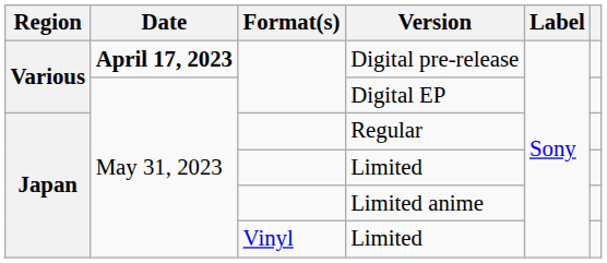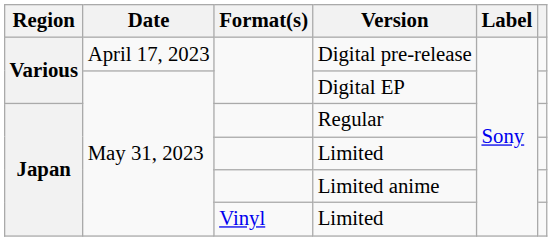 <table class="wikitable plainrowheaders">
 <tr>
 <th scope="col">Region</th>
 <th scope="col">Date</th>
 <th scope="col">Format(s)</th>
 <th scope="col">Version</th>
 <th scope="col">Label</th>
 <th scope="col"></th>
 </tr>
 <tr>
 <th rowspan="2" scope="row">Various</th>
-<td><strong>April 17, 2023</strong></td>
+<td>April 17, 2023</td>
 <td rowspan="2"></td>
 <td>Digital pre-release</td>
 <td rowspan="6"><a href='#'>Sony</a></td>
 <td align="center"></td>
 </tr>
 <tr>
 <td rowspan="5">May 31, 2023</td>
 <td>Digital EP</td>
 <td align="center"></td>
 </tr>
 <tr>
 <th rowspan="4" scope="row">Japan</th>
 <td></td>
 <td>Regular</td>
 <td align="center"></td>
 </tr>
 <tr>
 <td></td>
 <td>Limited</td>
 <td align="center"></td>
 </tr>
 <tr>
 <td></td>
 <td>Limited anime</td>
 <td align="center"></td>
 </tr>
 <tr>
 <td><a href='#'>Vinyl</a></td>
 <td>Limited</td>
 <td align="center"></td>
 </tr>
 </table>
